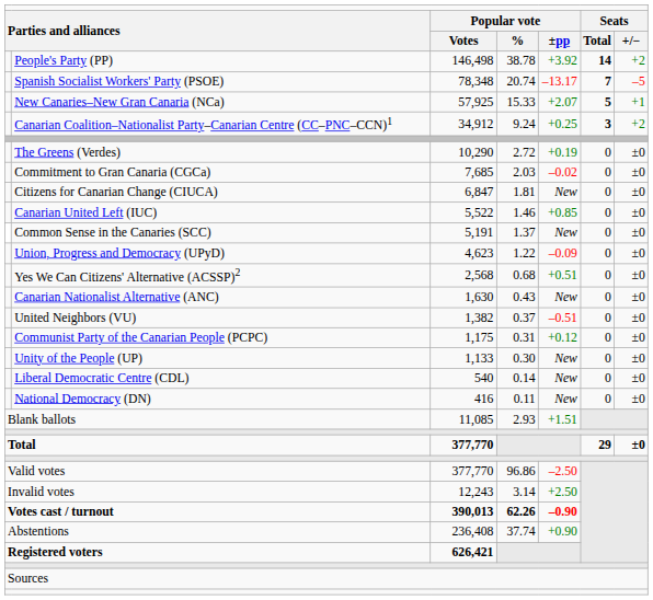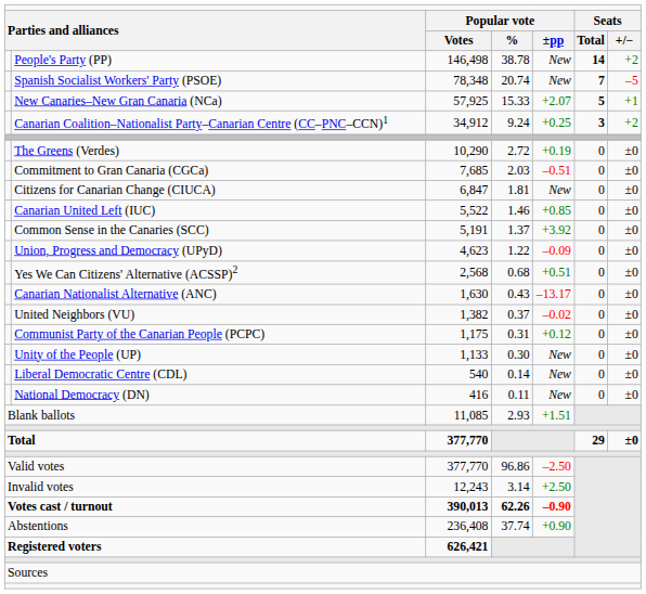 <table class="wikitable" style="text-align:right;">
 <tr>
 <td colspan="7"></td>
 </tr>
 <tr>
 <th style="text-align:left;" rowspan="2" colspan="2" width="525">Parties and alliances</th>
 <th colspan="3">Popular vote</th>
 <th colspan="2">Seats</th>
 </tr>
 <tr>
 <th width="75">Votes</th>
 <th width="45">%</th>
 <th width="45">±<a href='#'>pp</a></th>
 <th width="35">Total</th>
 <th width="35">+/−</th>
 </tr>
 <tr>
 <td width="1" style="color:inherit;background:"></td>
 <td align="left"><a href='#'>People's Party</a> (PP)</td>
 <td>146,498</td>
 <td>38.78</td>
-<td style="color:green;">+3.92</td>
+<td><em>New</em></td>
 <td><strong>14</strong></td>
 <td style="color:green;">+2</td>
 </tr>
 <tr>
 <td style="color:inherit;background:"></td>
 <td align="left"><a href='#'>Spanish Socialist Workers' Party</a> (PSOE)</td>
 <td>78,348</td>
 <td>20.74</td>
-<td style="color:red;">–13.17</td>
+<td><em>New</em></td>
 <td><strong>7</strong></td>
 <td style="color:red;">–5</td>
 </tr>
 <tr>
 <td style="color:inherit;background:"></td>
 <td align="left"><a href='#'>New Canaries–New Gran Canaria</a> (NCa)</td>
 <td>57,925</td>
 <td>15.33</td>
 <td style="color:green;">+2.07</td>
 <td><strong>5</strong></td>
 <td style="color:green;">+1</td>
 </tr>
 <tr>
 <td style="color:inherit;background:"></td>
 <td align="left"><a href='#'>Canarian Coalition–Nationalist Party</a>–<a href='#'>Canarian Centre</a> (<a href='#'>CC</a>–<a href='#'>PNC</a>–CCN)<sup>1</sup></td>
 <td>34,912</td>
 <td>9.24</td>
 <td style="color:green;">+0.25</td>
 <td><strong>3</strong></td>
 <td style="color:green;">+2</td>
 </tr>
 <tr>
 <td colspan="7" bgcolor="#C0C0C0"></td>
 </tr>
 <tr>
 <td style="color:inherit;background:"></td>
 <td align="left"><a href='#'>The Greens</a> (Verdes)</td>
 <td>10,290</td>
 <td>2.72</td>
 <td style="color:green;">+0.19</td>
 <td>0</td>
 <td>±0</td>
 </tr>
 <tr>
 <td style="color:inherit;background:"></td>
 <td align="left">Commitment to Gran Canaria (CGCa)</td>
 <td>7,685</td>
 <td>2.03</td>
-<td style="color:red;">–0.02</td>
+<td style="color:red;">–0.51</td>
 <td>0</td>
 <td>±0</td>
 </tr>
 <tr>
 <td style="color:inherit;background:"></td>
 <td align="left">Citizens for Canarian Change (CIUCA)</td>
 <td>6,847</td>
 <td>1.81</td>
 <td><em>New</em></td>
 <td>0</td>
 <td>±0</td>
 </tr>
 <tr>
 <td style="color:inherit;background:"></td>
 <td align="left"><a href='#'>Canarian United Left</a> (IUC)</td>
 <td>5,522</td>
 <td>1.46</td>
 <td style="color:green;">+0.85</td>
 <td>0</td>
 <td>±0</td>
 </tr>
 <tr>
 <td bgcolor="white"></td>
 <td align="left">Common Sense in the Canaries (SCC)</td>
 <td>5,191</td>
 <td>1.37</td>
-<td><em>New</em></td>
+<td style="color:green;">+3.92</td>
 <td>0</td>
 <td>±0</td>
 </tr>
 <tr>
 <td style="color:inherit;background:"></td>
 <td align="left"><a href='#'>Union, Progress and Democracy</a> (UPyD)</td>
 <td>4,623</td>
 <td>1.22</td>
 <td style="color:red;">–0.09</td>
 <td>0</td>
 <td>±0</td>
 </tr>
 <tr>
 <td style="color:inherit;background:"></td>
 <td align="left">Yes We Can Citizens' Alternative (ACSSP)<sup>2</sup></td>
 <td>2,568</td>
 <td>0.68</td>
 <td style="color:green;">+0.51</td>
 <td>0</td>
 <td>±0</td>
 </tr>
 <tr>
 <td style="color:inherit;background:"></td>
 <td align="left"><a href='#'>Canarian Nationalist Alternative</a> (ANC)</td>
 <td>1,630</td>
 <td>0.43</td>
-<td><em>New</em></td>
+<td style="color:red;">–13.17</td>
 <td>0</td>
 <td>±0</td>
 </tr>
 <tr>
 <td style="color:inherit;background:"></td>
 <td align="left">United Neighbors (VU)</td>
 <td>1,382</td>
 <td>0.37</td>
-<td style="color:red;">–0.51</td>
+<td style="color:red;">–0.02</td>
 <td>0</td>
 <td>±0</td>
 </tr>
 <tr>
 <td style="color:inherit;background:"></td>
 <td align="left"><a href='#'>Communist Party of the Canarian People</a> (PCPC)</td>
 <td>1,175</td>
 <td>0.31</td>
 <td style="color:green;">+0.12</td>
 <td>0</td>
 <td>±0</td>
 </tr>
 <tr>
 <td style="color:inherit;background:"></td>
 <td align="left"><a href='#'>Unity of the People</a> (UP)</td>
 <td>1,133</td>
 <td>0.30</td>
 <td><em>New</em></td>
 <td>0</td>
 <td>±0</td>
 </tr>
 <tr>
 <td style="color:inherit;background:"></td>
 <td align="left"><a href='#'>Liberal Democratic Centre</a> (CDL)</td>
 <td>540</td>
 <td>0.14</td>
 <td><em>New</em></td>
 <td>0</td>
 <td>±0</td>
 </tr>
 <tr>
 <td style="color:inherit;background:"></td>
 <td align="left"><a href='#'>National Democracy</a> (DN)</td>
 <td>416</td>
 <td>0.11</td>
 <td><em>New</em></td>
 <td>0</td>
 <td>±0</td>
 </tr>
 <tr>
 <td align="left" colspan="2">Blank ballots</td>
 <td>11,085</td>
 <td>2.93</td>
 <td style="color:green;">+1.51</td>
 <td bgcolor="#E9E9E9" colspan="2"></td>
 </tr>
 <tr>
 <td colspan="7" bgcolor="#E9E9E9"></td>
 </tr>
 <tr style="font-weight:bold;">
 <td align="left" colspan="2">Total</td>
 <td>377,770</td>
 <td bgcolor="#E9E9E9" colspan="2"></td>
 <td>29</td>
 <td>±0</td>
 </tr>
 <tr>
 <td colspan="7" bgcolor="#E9E9E9"></td>
 </tr>
 <tr>
 <td align="left" colspan="2">Valid votes</td>
 <td>377,770</td>
 <td>96.86</td>
 <td style="color:red;">–2.50</td>
 <td bgcolor="#E9E9E9" colspan="2" rowspan="5"></td>
 </tr>
 <tr>
 <td align="left" colspan="2">Invalid votes</td>
 <td>12,243</td>
 <td>3.14</td>
 <td style="color:green;">+2.50</td>
 </tr>
 <tr style="font-weight:bold;">
 <td align="left" colspan="2">Votes cast / turnout</td>
 <td>390,013</td>
 <td>62.26</td>
 <td style="color:red;">–0.90</td>
 </tr>
 <tr>
 <td align="left" colspan="2">Abstentions</td>
 <td>236,408</td>
 <td>37.74</td>
 <td style="color:green;">+0.90</td>
 </tr>
 <tr style="font-weight:bold;">
 <td align="left" colspan="2">Registered voters</td>
 <td>626,421</td>
 <td bgcolor="#E9E9E9" colspan="2"></td>
 </tr>
 <tr>
 <td colspan="7" bgcolor="#E9E9E9"></td>
 </tr>
 <tr>
 <td align="left" colspan="7">Sources</td>
 </tr>
 <tr>
 <td colspan="7" style="text-align:left; max-width:790px;"></td>
 </tr>
 </table>
